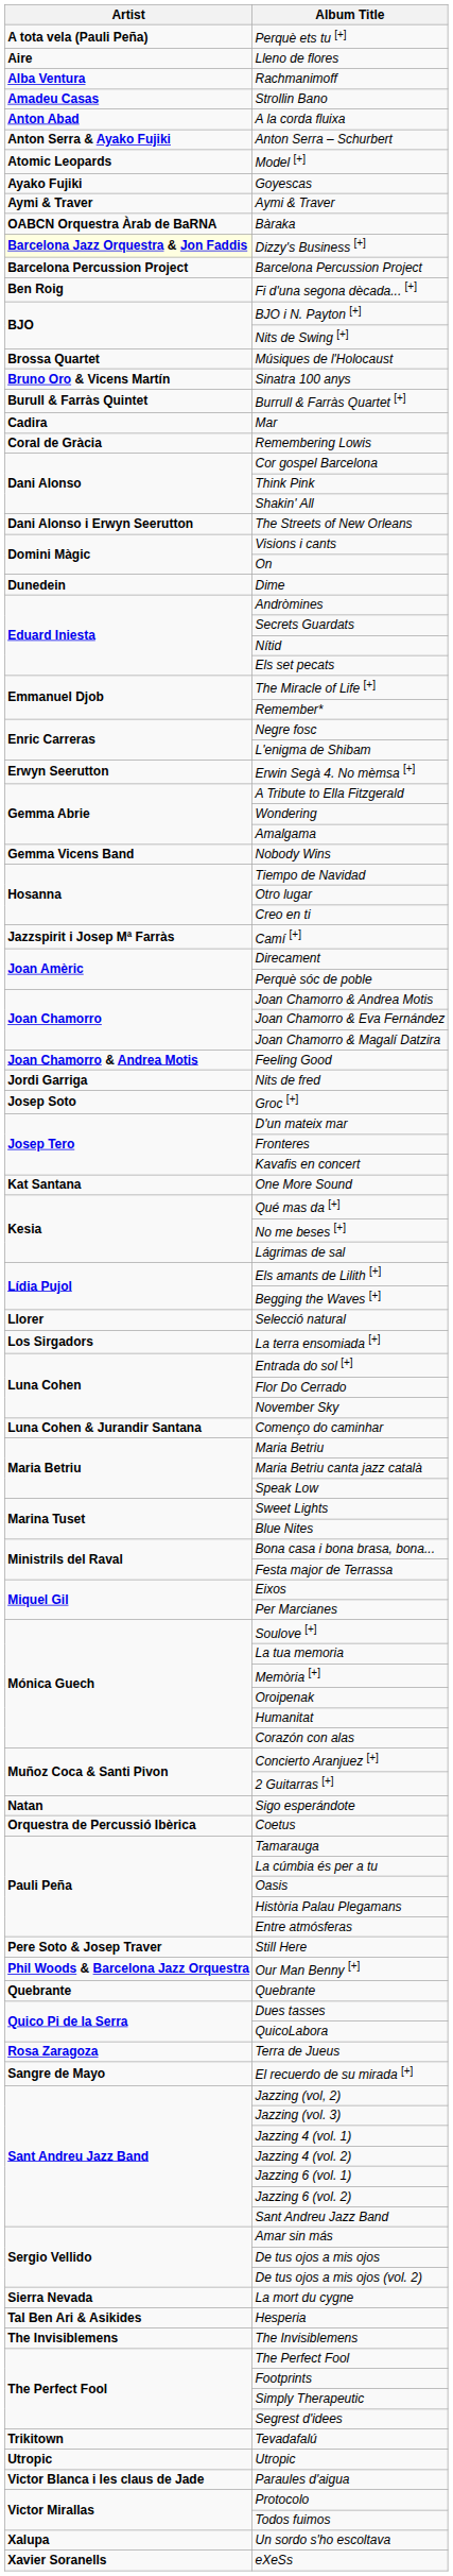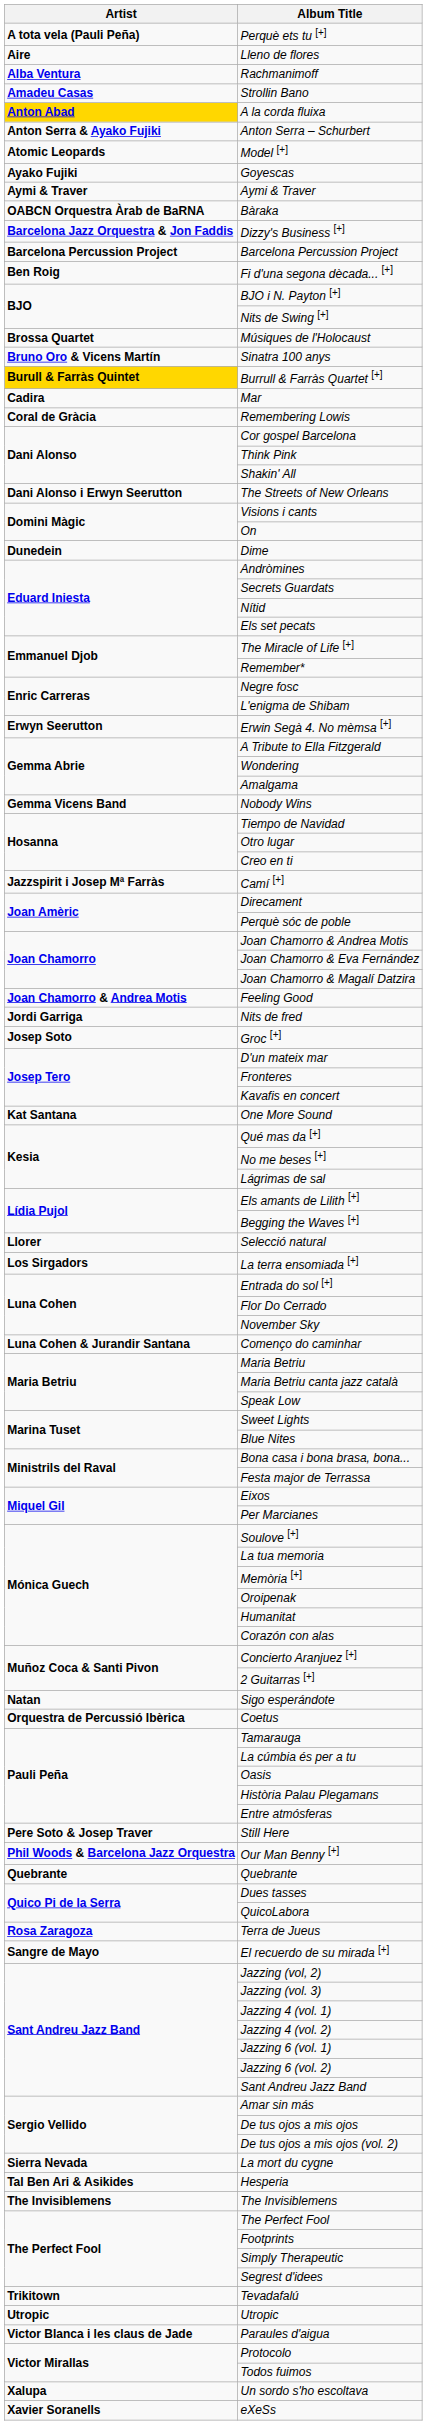 <table class="wikitable">
 <tr>
 <th>Artist</th>
 <th>Album Title</th>
 </tr>
 <tr>
 <td><strong>A tota vela (Pauli Peña)</strong></td>
 <td><em>Perquè ets tu</em> <sup>[+]</sup></td>
 </tr>
 <tr>
 <td><strong>Aire</strong></td>
 <td><em>Lleno de flores</em></td>
 </tr>
 <tr>
 <td><strong><a href='#'>Alba Ventura</a></strong></td>
 <td><em>Rachmanimoff</em></td>
 </tr>
 <tr>
 <td><strong><a href='#'>Amadeu Casas</a></strong></td>
 <td><em>Strollin Bano</em></td>
 </tr>
 <tr>
-<td><strong><a href='#'>Anton Abad</a></strong></td>
+<td style="background: gold;"><strong><a href='#'>Anton Abad</a></strong></td>
 <td><em>A la corda fluixa</em></td>
 </tr>
 <tr>
 <td><strong>Anton Serra & <a href='#'>Ayako Fujiki</a></strong></td>
 <td><em>Anton Serra – Schurbert</em></td>
 </tr>
 <tr>
 <td><strong>Atomic Leopards</strong></td>
 <td><em>Model</em>  <sup>[+]</sup></td>
 </tr>
 <tr>
 <td><strong>Ayako Fujiki</strong></td>
 <td><em>Goyescas</em></td>
 </tr>
 <tr>
 <td><strong>Aymi & Traver</strong></td>
 <td><em>Aymi & Traver</em></td>
 </tr>
 <tr>
 <td><strong>OABCN Orquestra Àrab de BaRNA</strong></td>
 <td><em>Bàraka</em></td>
 </tr>
 <tr>
-<td style="background: lightyellow;"><strong><a href='#'>Barcelona Jazz Orquestra</a> & <a href='#'>Jon Faddis</a></strong></td>
+<td><strong><a href='#'>Barcelona Jazz Orquestra</a> & <a href='#'>Jon Faddis</a></strong></td>
 <td><em>Dizzy's Business</em>  <sup>[+]</sup></td>
 </tr>
 <tr>
 <td><strong>Barcelona Percussion Project</strong></td>
 <td><em>Barcelona Percussion Project</em></td>
 </tr>
 <tr>
 <td><strong>Ben Roig</strong></td>
 <td><em>Fi d'una segona dècada...</em>  <sup>[+]</sup></td>
 </tr>
 <tr>
 <td rowspan="2"><strong>BJO</strong></td>
 <td><em>BJO i N. Payton</em>  <sup>[+]</sup></td>
 </tr>
 <tr>
 <td><em>Nits de Swing</em>  <sup>[+]</sup></td>
 </tr>
 <tr>
 <td><strong>Brossa Quartet</strong></td>
 <td><em>Músiques de l'Holocaust</em></td>
 </tr>
 <tr>
 <td><strong><a href='#'>Bruno Oro</a> & Vicens Martín</strong></td>
 <td><em>Sinatra 100 anys</em></td>
 </tr>
 <tr>
-<td><strong>Burull & Farràs Quintet</strong></td>
+<td style="background: gold;"><strong>Burull & Farràs Quintet</strong></td>
 <td><em>Burrull & Farràs Quartet</em>  <sup>[+]</sup></td>
 </tr>
 <tr>
 <td><strong>Cadira</strong></td>
 <td><em>Mar</em></td>
 </tr>
 <tr>
 <td><strong>Coral de Gràcia</strong></td>
 <td><em>Remembering Lowis</em></td>
 </tr>
 <tr>
 <td rowspan="3"><strong>Dani Alonso</strong></td>
 <td><em>Cor gospel Barcelona</em></td>
 </tr>
 <tr>
 <td><em>Think Pink</em></td>
 </tr>
 <tr>
 <td><em>Shakin' All</em></td>
 </tr>
 <tr>
 <td><strong>Dani Alonso i Erwyn Seerutton</strong></td>
 <td><em>The Streets of New Orleans</em></td>
 </tr>
 <tr>
 <td rowspan="2"><strong>Domini Màgic</strong></td>
 <td><em>Visions i cants</em></td>
 </tr>
 <tr>
 <td><em>On</em></td>
 </tr>
 <tr>
 <td><strong>Dunedein</strong></td>
 <td><em>Dime</em></td>
 </tr>
 <tr>
 <td rowspan="4"><strong><a href='#'>Eduard Iniesta</a></strong></td>
 <td><em>Andròmines</em></td>
 </tr>
 <tr>
 <td><em>Secrets Guardats</em></td>
 </tr>
 <tr>
 <td><em>Nítid</em></td>
 </tr>
 <tr>
 <td><em>Els set pecats</em></td>
 </tr>
 <tr>
 <td rowspan="2"><strong>Emmanuel Djob</strong></td>
 <td><em>The Miracle of Life</em>  <sup>[+]</sup></td>
 </tr>
 <tr>
 <td><em>Remember*</em></td>
 </tr>
 <tr>
 <td rowspan="2"><strong>Enric Carreras</strong></td>
 <td><em>Negre fosc</em></td>
 </tr>
 <tr>
 <td><em>L'enigma de Shibam</em></td>
 </tr>
 <tr>
 <td><strong>Erwyn Seerutton</strong></td>
 <td><em>Erwin Segà 4. No mèmsa</em>  <sup>[+]</sup></td>
 </tr>
 <tr>
 <td rowspan="3"><strong>Gemma Abrie</strong></td>
 <td><em>A Tribute to Ella Fitzgerald</em></td>
 </tr>
 <tr>
 <td><em>Wondering</em></td>
 </tr>
 <tr>
 <td><em>Amalgama</em></td>
 </tr>
 <tr>
 <td><strong>Gemma Vicens Band</strong></td>
 <td><em>Nobody Wins</em></td>
 </tr>
 <tr>
 <td rowspan="3"><strong>Hosanna</strong></td>
 <td><em>Tiempo de Navidad</em></td>
 </tr>
 <tr>
 <td><em>Otro lugar</em></td>
 </tr>
 <tr>
 <td><em>Creo en ti</em></td>
 </tr>
 <tr>
 <td><strong>Jazzspirit i Josep Mª Farràs</strong></td>
 <td><em>Camí</em>  <sup>[+]</sup></td>
 </tr>
 <tr>
 <td rowspan="2"><strong><a href='#'>Joan Amèric</a></strong></td>
 <td><em>Direcament</em></td>
 </tr>
 <tr>
 <td><em>Perquè sóc de poble</em></td>
 </tr>
 <tr>
 <td rowspan="3"><strong><a href='#'>Joan Chamorro</a></strong></td>
 <td><em>Joan Chamorro & Andrea Motis</em></td>
 </tr>
 <tr>
 <td><em>Joan Chamorro & Eva Fernández</em></td>
 </tr>
 <tr>
 <td><em>Joan Chamorro & Magalí Datzira</em></td>
 </tr>
 <tr>
 <td><strong><a href='#'>Joan Chamorro</a> & <a href='#'>Andrea Motis</a></strong></td>
 <td><em>Feeling Good</em></td>
 </tr>
 <tr>
 <td><strong>Jordi Garriga</strong></td>
 <td><em>Nits de fred</em></td>
 </tr>
 <tr>
 <td><strong>Josep Soto</strong></td>
 <td><em>Groc</em>  <sup>[+]</sup></td>
 </tr>
 <tr>
 <td rowspan="3"><strong><a href='#'>Josep Tero</a></strong></td>
 <td><em>D'un mateix mar</em></td>
 </tr>
 <tr>
 <td><em>Fronteres</em></td>
 </tr>
 <tr>
 <td><em>Kavafis en concert</em></td>
 </tr>
 <tr>
 <td><strong>Kat Santana</strong></td>
 <td><em>One More Sound</em></td>
 </tr>
 <tr>
 <td rowspan="3"><strong>Kesia</strong></td>
 <td><em>Qué mas da</em>  <sup>[+]</sup></td>
 </tr>
 <tr>
 <td><em>No me beses</em>  <sup>[+]</sup></td>
 </tr>
 <tr>
 <td><em>Lágrimas de sal</em></td>
 </tr>
 <tr>
 <td rowspan="2"><strong><a href='#'>Lídia Pujol</a></strong></td>
 <td><em>Els amants de Lilith</em>  <sup>[+]</sup></td>
 </tr>
 <tr>
 <td><em>Begging the Waves</em>  <sup>[+]</sup></td>
 </tr>
 <tr>
 <td><strong>Llorer</strong></td>
 <td><em>Selecció natural</em></td>
 </tr>
 <tr>
 <td><strong>Los Sirgadors</strong></td>
 <td><em>La terra ensomiada</em>  <sup>[+]</sup></td>
 </tr>
 <tr>
 <td rowspan="3"><strong>Luna Cohen</strong></td>
 <td><em>Entrada do sol</em>  <sup>[+]</sup></td>
 </tr>
 <tr>
 <td><em>Flor Do Cerrado</em></td>
 </tr>
 <tr>
 <td><em>November Sky</em></td>
 </tr>
 <tr>
 <td><strong>Luna Cohen & Jurandir Santana</strong></td>
 <td><em>Començo do caminhar</em></td>
 </tr>
 <tr>
 <td rowspan="3"><strong>Maria Betriu</strong></td>
 <td><em>Maria Betriu</em></td>
 </tr>
 <tr>
 <td><em>Maria Betriu canta jazz català</em></td>
 </tr>
 <tr>
 <td><em>Speak Low</em></td>
 </tr>
 <tr>
 <td rowspan="2"><strong>Marina Tuset</strong></td>
 <td><em>Sweet Lights</em></td>
 </tr>
 <tr>
 <td><em>Blue Nites</em></td>
 </tr>
 <tr>
 <td rowspan="2"><strong>Ministrils del Raval</strong></td>
 <td><em>Bona casa i bona brasa, bona...</em></td>
 </tr>
 <tr>
 <td><em>Festa major de Terrassa</em></td>
 </tr>
 <tr>
 <td rowspan="2"><strong><a href='#'>Miquel Gil</a></strong></td>
 <td><em>Eixos</em></td>
 </tr>
 <tr>
 <td><em>Per Marcianes</em></td>
 </tr>
 <tr>
 <td rowspan="6"><strong>Mónica Guech</strong></td>
 <td><em>Soulove</em>  <sup>[+]</sup></td>
 </tr>
 <tr>
 <td><em>La tua memoria</em></td>
 </tr>
 <tr>
 <td><em>Memòria</em>  <sup>[+]</sup></td>
 </tr>
 <tr>
 <td><em>Oroipenak</em></td>
 </tr>
 <tr>
 <td><em>Humanitat</em></td>
 </tr>
 <tr>
 <td><em>Corazón con alas</em></td>
 </tr>
 <tr>
 <td rowspan="2"><strong>Muñoz Coca & Santi Pivon</strong></td>
 <td><em>Concierto Aranjuez</em>  <sup>[+]</sup></td>
 </tr>
 <tr>
 <td><em>2 Guitarras</em>  <sup>[+]</sup></td>
 </tr>
 <tr>
 <td><strong>Natan</strong></td>
 <td><em>Sigo esperándote</em></td>
 </tr>
 <tr>
 <td><strong>Orquestra de Percussió Ibèrica</strong></td>
 <td><em>Coetus</em></td>
 </tr>
 <tr>
 <td rowspan="5"><strong>Pauli Peña</strong></td>
 <td><em>Tamarauga</em></td>
 </tr>
 <tr>
 <td><em>La cúmbia és per a tu</em></td>
 </tr>
 <tr>
 <td><em>Oasis</em></td>
 </tr>
 <tr>
 <td><em>Història Palau Plegamans</em></td>
 </tr>
 <tr>
 <td><em>Entre atmósferas</em></td>
 </tr>
 <tr>
 <td><strong>Pere Soto & Josep Traver</strong></td>
 <td><em>Still Here</em></td>
 </tr>
 <tr>
 <td><strong><a href='#'>Phil Woods</a> & <a href='#'>Barcelona Jazz Orquestra</a></strong></td>
 <td><em>Our Man Benny</em>  <sup>[+]</sup></td>
 </tr>
 <tr>
 <td><strong>Quebrante</strong></td>
 <td><em>Quebrante</em></td>
 </tr>
 <tr>
 <td rowspan="2"><strong><a href='#'>Quico Pi de la Serra</a></strong></td>
 <td><em>Dues tasses</em></td>
 </tr>
 <tr>
 <td><em>QuicoLabora</em></td>
 </tr>
 <tr>
 <td><strong><a href='#'>Rosa Zaragoza</a></strong></td>
 <td><em>Terra de Jueus</em></td>
 </tr>
 <tr>
 <td><strong>Sangre de Mayo</strong></td>
 <td><em>El recuerdo de su mirada</em>  <sup>[+]</sup></td>
 </tr>
 <tr>
 <td rowspan="7"><strong><a href='#'>Sant Andreu Jazz Band</a></strong></td>
 <td><em>Jazzing (vol, 2)</em></td>
 </tr>
 <tr>
 <td><em>Jazzing (vol. 3)</em></td>
 </tr>
 <tr>
 <td><em>Jazzing 4 (vol. 1)</em></td>
 </tr>
 <tr>
 <td><em>Jazzing 4 (vol. 2)</em></td>
 </tr>
 <tr>
 <td><em>Jazzing 6 (vol. 1)</em></td>
 </tr>
 <tr>
 <td><em>Jazzing 6 (vol. 2)</em></td>
 </tr>
 <tr>
 <td><em>Sant Andreu Jazz Band</em></td>
 </tr>
 <tr>
 <td rowspan="3"><strong>Sergio Vellido</strong></td>
 <td><em>Amar sin más</em></td>
 </tr>
 <tr>
 <td><em>De tus ojos a mis ojos</em></td>
 </tr>
 <tr>
 <td><em>De tus ojos a mis ojos (vol. 2)</em></td>
 </tr>
 <tr>
 <td><strong>Sierra Nevada</strong></td>
 <td><em>La mort du cygne</em></td>
 </tr>
 <tr>
 <td><strong>Tal Ben Ari & Asikides</strong></td>
 <td><em>Hesperia</em></td>
 </tr>
 <tr>
 <td><strong>The Invisiblemens</strong></td>
 <td><em>The Invisiblemens</em></td>
 </tr>
 <tr>
 <td rowspan="4"><strong>The Perfect Fool</strong></td>
 <td><em>The Perfect Fool</em></td>
 </tr>
 <tr>
 <td><em>Footprints</em></td>
 </tr>
 <tr>
 <td><em>Simply Therapeutic</em></td>
 </tr>
 <tr>
 <td><em>Segrest d'idees</em></td>
 </tr>
 <tr>
 <td><strong>Trikitown</strong></td>
 <td><em>Tevadafalú</em></td>
 </tr>
 <tr>
 <td><strong>Utropic</strong></td>
 <td><em>Utropic</em></td>
 </tr>
 <tr>
 <td><strong>Victor Blanca i les claus de Jade</strong></td>
 <td><em>Paraules d'aigua</em></td>
 </tr>
 <tr>
 <td rowspan="2"><strong>Victor Mirallas</strong></td>
 <td><em>Protocolo</em></td>
 </tr>
 <tr>
 <td><em>Todos fuimos</em></td>
 </tr>
 <tr>
 <td><strong>Xalupa</strong></td>
 <td><em>Un sordo s'ho escoltava</em></td>
 </tr>
 <tr>
 <td><strong>Xavier Soranells</strong></td>
 <td><em>eXeSs</em></td>
 </tr>
 </table>
